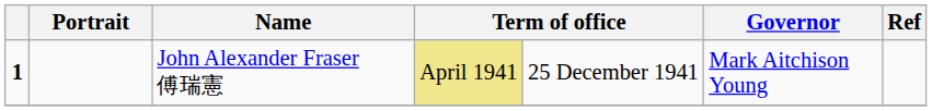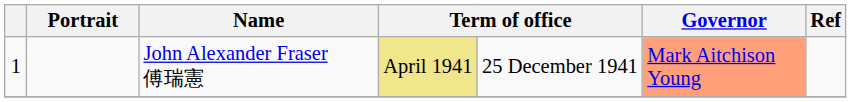 <table class="wikitable"  style="text-align:left">
 <tr>
 <th width=10px></th>
 <th width=80px>Portrait</th>
 <th width=180px>Name</th>
 <th width=180px colspan=2>Term of office</th>
 <th width=120px><a href='#'>Governor</a></th>
 <th>Ref</th>
 </tr>
 <tr>
-<td align=center><strong>1</strong></td>
+<td align=center>1</td>
 <td></td>
 <td><a href='#'>John Alexander Fraser</a><br>傅瑞憲</td>
 <td style="background: khaki;">April 1941</td>
 <td>25 December 1941</td>
-<td><a href='#'>Mark Aitchison Young</a><br></td>
+<td style="background: lightsalmon;"><a href='#'>Mark Aitchison Young</a><br></td>
 <td></td>
 </tr>
 <tr>
 </tr>
 </table>
